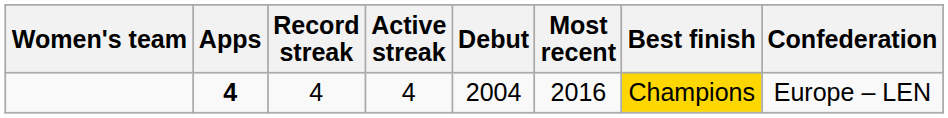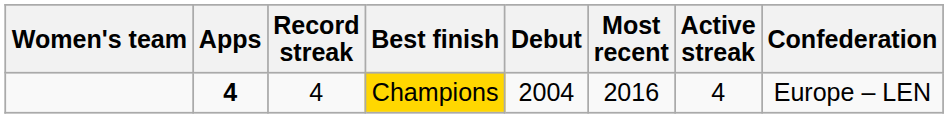 <table class="wikitable" style="text-align: center; font-size: 90%; margin-left: 1em;">
 <tr>
 <th>Women's team</th>
 <th>Apps</th>
 <th>Record<br>streak</th>
-<th>Active<br>streak</th>
+<th>Best finish</th>
 <th>Debut</th>
 <th>Most<br>recent</th>
-<th>Best finish</th>
+<th>Active<br>streak</th>
 <th>Confederation</th>
 </tr>
 <tr>
 <td style="text-align: left;"></td>
 <td><strong>4</strong></td>
 <td>4</td>
-<td>4</td>
+<td style="background-color: gold;">Champions</td>
 <td>2004</td>
 <td>2016</td>
-<td style="background-color: gold;">Champions</td>
+<td>4</td>
 <td>Europe – LEN</td>
 </tr>
 </table>
